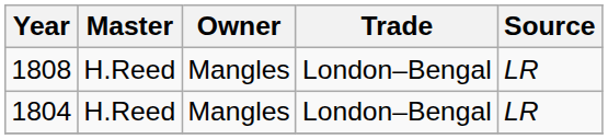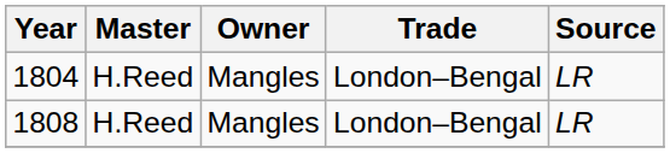 <table class=" wikitable">
 <tr>
 <th>Year</th>
 <th>Master</th>
 <th>Owner</th>
 <th>Trade</th>
 <th>Source</th>
 </tr>
 <tr>
-<td>1808</td>
+<td>1804</td>
 <td>H.Reed</td>
 <td>Mangles</td>
 <td>London–Bengal</td>
 <td><em>LR</em></td>
 </tr>
 <tr>
-<td>1804</td>
+<td>1808</td>
 <td>H.Reed</td>
 <td>Mangles</td>
 <td>London–Bengal</td>
 <td><em>LR</em></td>
 </tr>
 <tr>
 </tr>
 </table>
